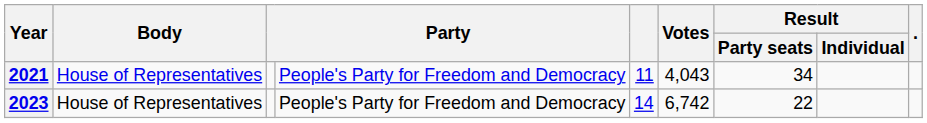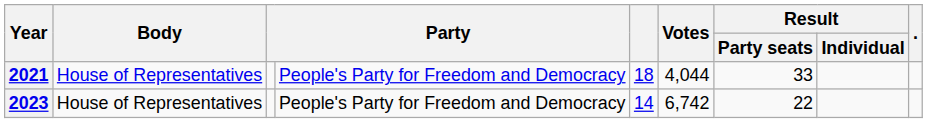 <table class="wikitable plainrowheaders sortable" border=2 cellpadding=4 cellspacing=0 style="border: 1px #aaa solid; font-size: 90%; text-align:center;">
 <tr>
 <th scope="col" rowspan=2>Year</th>
 <th scope="col" rowspan=2>Body</th>
 <th scope="col" colspan=2 rowspan=2>Party</th>
 <th scope="col" rowspan=2></th>
 <th scope="col" rowspan=2>Votes</th>
 <th scope="colgroup" colspan=2>Result</th>
 <th scope="col" rowspan=2 class="unsortable">.</th>
 </tr>
 <tr>
 <th scope="col">Party seats</th>
 <th scope="col">Individual</th>
 </tr>
 <tr>
 <th scope="row"><a href='#'>2021</a></th>
 <td><a href='#'>House of Representatives</a></td>
 <td style="background-color:"></td>
 <td><a href='#'>People's Party for Freedom and Democracy</a></td>
-<td style=text-align:right><a href='#'>11</a></td>
-<td style=text-align:right>4,043</td>
-<td style=text-align:right>34</td>
+<td style=text-align:right><a href='#'>18</a></td>
+<td style=text-align:right>4,044</td>
+<td style=text-align:right>33</td>
 <td></td>
 <td></td>
 </tr>
 <tr>
 <th scope="row"><a href='#'>2023</a></th>
 <td>House of Representatives</td>
 <td style="background-color:"></td>
 <td>People's Party for Freedom and Democracy</td>
 <td style=text-align:right><a href='#'>14</a></td>
 <td style=text-align:right>6,742</td>
 <td style=text-align:right>22</td>
 <td></td>
 <td></td>
 </tr>
 </table>
